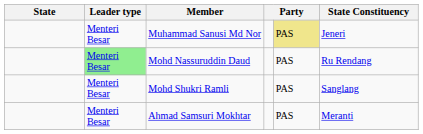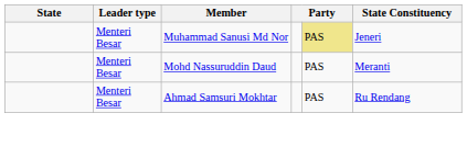 <table class ="wikitable sortable">
 <tr>
 <th style="width:120px;">State</th>
 <th style="width:90px;">Leader type</th>
 <th style="width:180px;">Member</th>
 <th style="width:80px;" colspan=2>Party</th>
 <th style="width:150px;">State Constituency</th>
 </tr>
 <tr>
 <td></td>
 <td><a href='#'>Menteri Besar</a></td>
 <td><a href='#'>Muhammad Sanusi Md Nor</a></td>
 <td style="background:"></td>
 <td style="background: khaki;">PAS</td>
 <td><a href='#'>Jeneri</a></td>
 </tr>
 <tr>
 <td></td>
-<td style="background: lightgreen;"><a href='#'>Menteri Besar</a></td>
+<td><a href='#'>Menteri Besar</a></td>
 <td><a href='#'>Mohd Nassuruddin Daud</a></td>
 <td style="background:"></td>
 <td>PAS</td>
-<td><a href='#'>Ru Rendang</a></td>
-</tr>
-<tr>
-<td></td>
-<td><a href='#'>Menteri Besar</a></td>
-<td><a href='#'>Mohd Shukri Ramli</a></td>
-<td style="background:"></td>
-<td>PAS</td>
-<td><a href='#'>Sanglang</a></td>
+<td><a href='#'>Meranti</a></td>
 </tr>
 <tr>
 <td></td>
 <td><a href='#'>Menteri Besar</a></td>
 <td><a href='#'>Ahmad Samsuri Mokhtar</a></td>
 <td style="background:"></td>
 <td>PAS</td>
-<td><a href='#'>Meranti</a></td>
+<td><a href='#'>Ru Rendang</a></td>
 </tr>
 </table>
